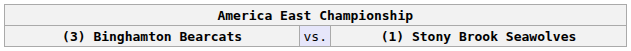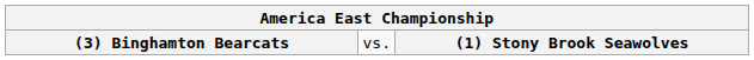 <table class="wikitable">
 <tr>
 <th style="width: 604px;" colspan=3>America East Championship</th>
 </tr>
 <tr>
 <th style="width: 289px; ">(3) Binghamton Bearcats</th>
-<td style="background: lavender; width: 25px; text-align:center">vs.</td>
+<td style="width: 25px; text-align:center">vs.</td>
 <th style="width: 289px; ">(1) Stony Brook Seawolves</th>
 </tr>
 </table>
